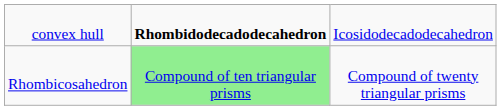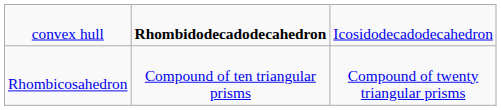 <table class="wikitable" width="400" style="vertical-align:top;text-align:center">
 <tr>
 <td><br><a href='#'>convex hull</a></td>
 <td><br><strong>Rhombidodecadodecahedron</strong></td>
 <td><br><a href='#'>Icosidodecadodecahedron</a></td>
 </tr>
 <tr>
 <td><br><a href='#'>Rhombicosahedron</a></td>
-<td style="background: lightgreen;"><br><a href='#'>Compound of ten triangular prisms</a></td>
+<td><br><a href='#'>Compound of ten triangular prisms</a></td>
 <td><br><a href='#'>Compound of twenty triangular prisms</a></td>
 </tr>
 </table>
